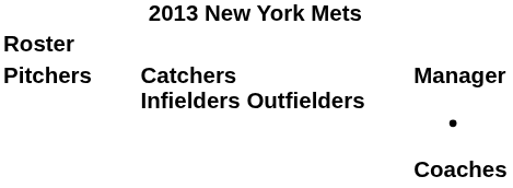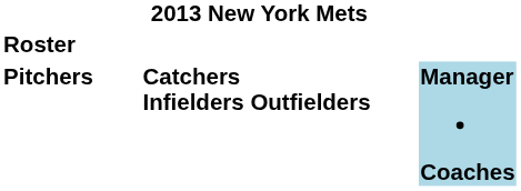 <table class="toccolours" style="font-size: 95%;">
 <tr>
 <th colspan="10">2013 New York Mets</th>
 </tr>
 <tr>
 <td colspan="10"><strong>Roster</strong></td>
 </tr>
 <tr>
 <td valign="top"><strong>Pitchers</strong><br>                           </td>
 <td width="25px"></td>
 <td valign="top"><strong>Catchers</strong><br>    <strong>Infielders</strong>           <strong>Outfielders</strong>           </td>
 <td width="25px"></td>
-<td valign="top"><strong>Manager</strong><br><ul><li></li></ul><strong>Coaches</strong>                </td>
+<td valign="top" style="background: lightblue;"><strong>Manager</strong><br><ul><li></li></ul><strong>Coaches</strong>                </td>
 </tr>
 </table>
